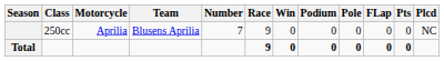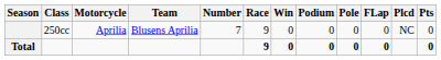 <table class="wikitable">
 <tr>
 <th>Season</th>
 <th>Class</th>
 <th>Motorcycle</th>
 <th>Team</th>
 <th>Number</th>
 <th>Race</th>
 <th>Win</th>
 <th>Podium</th>
 <th>Pole</th>
 <th>FLap</th>
+<th>Plcd</th>
 <th>Pts</th>
-<th>Plcd</th>
 </tr>
 <tr align="right">
 <th></th>
 <td>250cc</td>
 <td><a href='#'>Aprilia</a></td>
 <td><a href='#'>Blusens Aprilia</a></td>
 <td>7</td>
 <td>9</td>
 <td>0</td>
 <td>0</td>
 <td>0</td>
 <td>0</td>
+<td>NC</td>
 <td>0</td>
-<td>NC</td>
 </tr>
 <tr align="right">
 <th>Total</th>
 <td></td>
 <td></td>
 <td></td>
 <td></td>
 <td><strong>9</strong></td>
 <td><strong>0</strong></td>
 <td><strong>0</strong></td>
 <td><strong>0</strong></td>
 <td><strong>0</strong></td>
+<td></td>
 <td><strong>0</strong></td>
-<td></td>
 </tr>
 </table>
